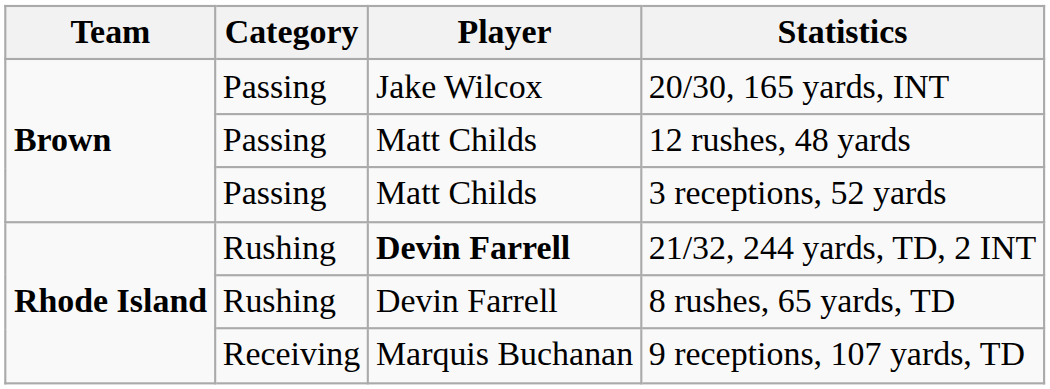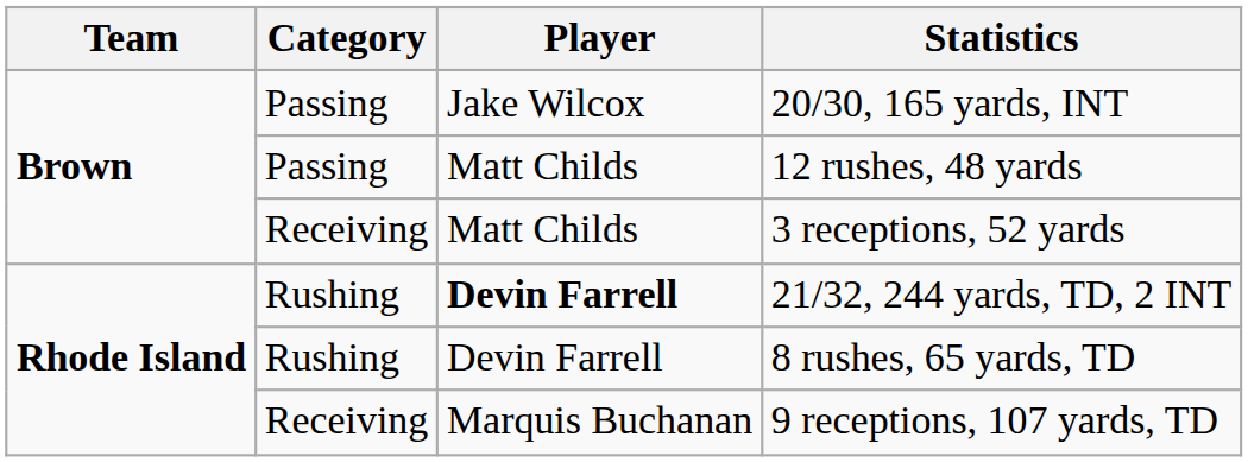 <table class="wikitable" style="float: right;">
 <tr>
 <th>Team</th>
 <th>Category</th>
 <th>Player</th>
 <th>Statistics</th>
 </tr>
 <tr>
 <td rowspan=3><strong>Brown</strong></td>
 <td>Passing</td>
 <td>Jake Wilcox</td>
 <td>20/30, 165 yards, INT</td>
 </tr>
 <tr>
 <td>Passing</td>
 <td>Matt Childs</td>
 <td>12 rushes, 48 yards</td>
 </tr>
 <tr>
-<td>Passing</td>
+<td>Receiving</td>
 <td>Matt Childs</td>
 <td>3 receptions, 52 yards</td>
 </tr>
 <tr>
 <td rowspan=3><strong>Rhode Island</strong></td>
 <td>Rushing</td>
 <td><strong>Devin Farrell</strong></td>
 <td>21/32, 244 yards, TD, 2 INT</td>
 </tr>
 <tr>
 <td>Rushing</td>
 <td>Devin Farrell</td>
 <td>8 rushes, 65 yards, TD</td>
 </tr>
 <tr>
 <td>Receiving</td>
 <td>Marquis Buchanan</td>
 <td>9 receptions, 107 yards, TD</td>
 </tr>
 </table>
